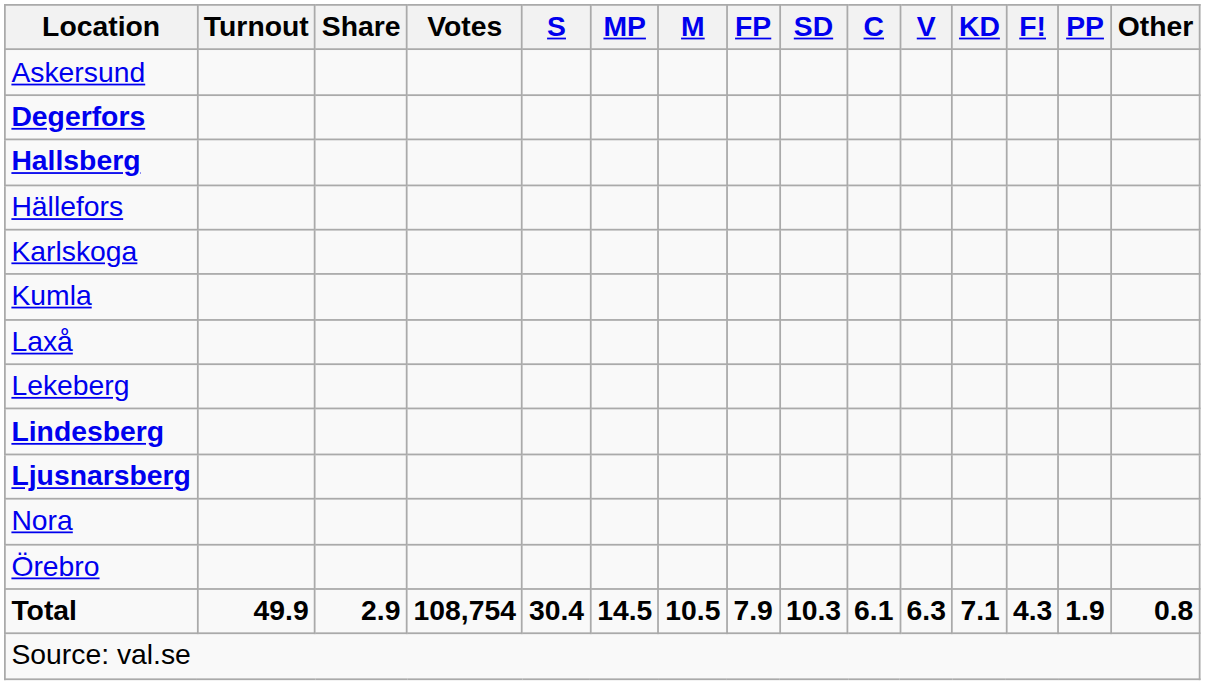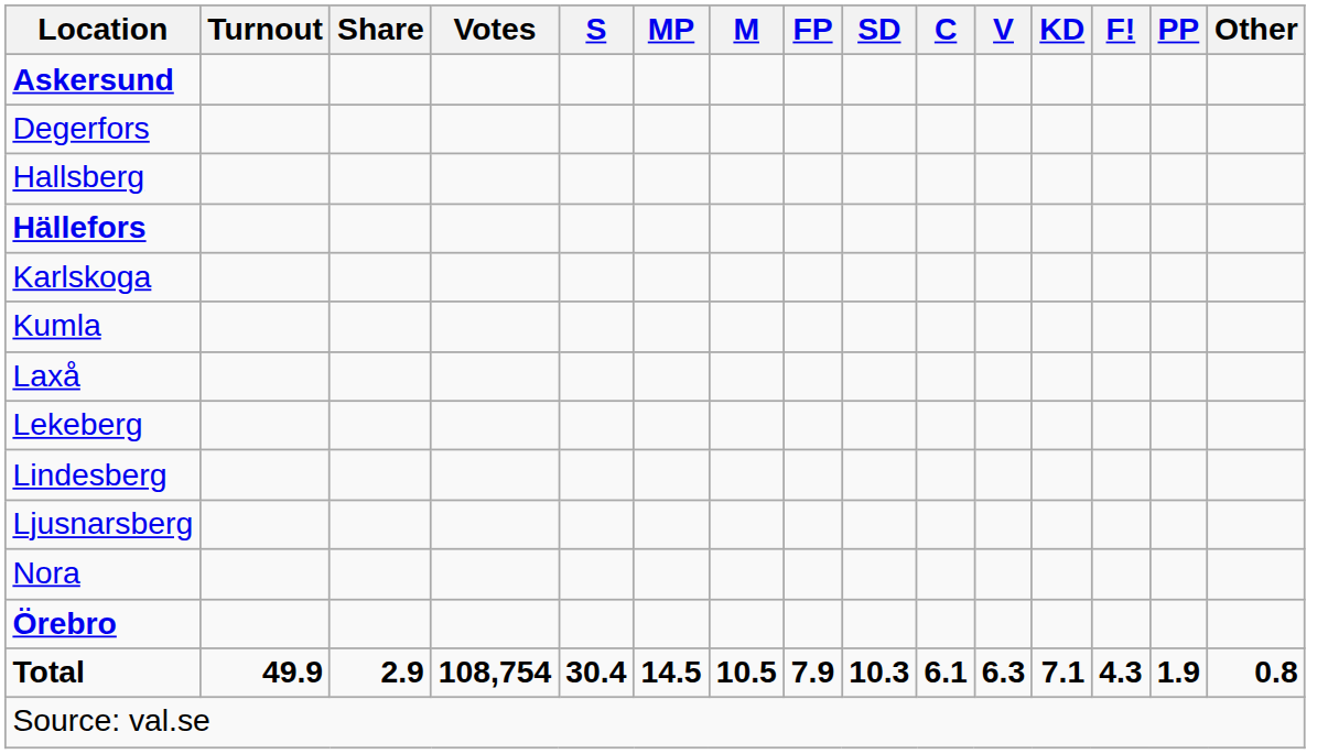 <table class="wikitable sortable" style=text-align:right>
 <tr>
 <th>Location</th>
 <th>Turnout</th>
 <th>Share</th>
 <th>Votes</th>
 <th><a href='#'>S</a></th>
 <th><a href='#'>MP</a></th>
 <th><a href='#'>M</a></th>
 <th><a href='#'>FP</a></th>
 <th><a href='#'>SD</a></th>
 <th><a href='#'>C</a></th>
 <th><a href='#'>V</a></th>
 <th><a href='#'>KD</a></th>
 <th><a href='#'>F!</a></th>
 <th><a href='#'>PP</a></th>
 <th>Other</th>
 </tr>
 <tr>
-<td align=left><a href='#'>Askersund</a></td>
+<td align=left><strong><a href='#'>Askersund</a></strong></td>
 <td></td>
 <td></td>
 <td></td>
 <td></td>
 <td></td>
 <td></td>
 <td></td>
 <td></td>
 <td></td>
 <td></td>
 <td></td>
 <td></td>
 <td></td>
 <td></td>
 </tr>
 <tr>
-<td align=left><strong><a href='#'>Degerfors</a></strong></td>
+<td align=left><a href='#'>Degerfors</a></td>
 <td></td>
 <td></td>
 <td></td>
 <td></td>
 <td></td>
 <td></td>
 <td></td>
 <td></td>
 <td></td>
 <td></td>
 <td></td>
 <td></td>
 <td></td>
 <td></td>
 </tr>
 <tr>
-<td align=left><strong><a href='#'>Hallsberg</a></strong></td>
+<td align=left><a href='#'>Hallsberg</a></td>
 <td></td>
 <td></td>
 <td></td>
 <td></td>
 <td></td>
 <td></td>
 <td></td>
 <td></td>
 <td></td>
 <td></td>
 <td></td>
 <td></td>
 <td></td>
 <td></td>
 </tr>
 <tr>
-<td align=left><a href='#'>Hällefors</a></td>
+<td align=left><strong><a href='#'>Hällefors</a></strong></td>
 <td></td>
 <td></td>
 <td></td>
 <td></td>
 <td></td>
 <td></td>
 <td></td>
 <td></td>
 <td></td>
 <td></td>
 <td></td>
 <td></td>
 <td></td>
 <td></td>
 </tr>
 <tr>
 <td align=left><a href='#'>Karlskoga</a></td>
 <td></td>
 <td></td>
 <td></td>
 <td></td>
 <td></td>
 <td></td>
 <td></td>
 <td></td>
 <td></td>
 <td></td>
 <td></td>
 <td></td>
 <td></td>
 <td></td>
 </tr>
 <tr>
 <td align=left><a href='#'>Kumla</a></td>
 <td></td>
 <td></td>
 <td></td>
 <td></td>
 <td></td>
 <td></td>
 <td></td>
 <td></td>
 <td></td>
 <td></td>
 <td></td>
 <td></td>
 <td></td>
 <td></td>
 </tr>
 <tr>
 <td align=left><a href='#'>Laxå</a></td>
 <td></td>
 <td></td>
 <td></td>
 <td></td>
 <td></td>
 <td></td>
 <td></td>
 <td></td>
 <td></td>
 <td></td>
 <td></td>
 <td></td>
 <td></td>
 <td></td>
 </tr>
 <tr>
 <td align=left><a href='#'>Lekeberg</a></td>
 <td></td>
 <td></td>
 <td></td>
 <td></td>
 <td></td>
 <td></td>
 <td></td>
 <td></td>
 <td></td>
 <td></td>
 <td></td>
 <td></td>
 <td></td>
 <td></td>
 </tr>
 <tr>
-<td align=left><strong><a href='#'>Lindesberg</a></strong></td>
+<td align=left><a href='#'>Lindesberg</a></td>
 <td></td>
 <td></td>
 <td></td>
 <td></td>
 <td></td>
 <td></td>
 <td></td>
 <td></td>
 <td></td>
 <td></td>
 <td></td>
 <td></td>
 <td></td>
 <td></td>
 </tr>
 <tr>
-<td align=left><strong><a href='#'>Ljusnarsberg</a></strong></td>
+<td align=left><a href='#'>Ljusnarsberg</a></td>
 <td></td>
 <td></td>
 <td></td>
 <td></td>
 <td></td>
 <td></td>
 <td></td>
 <td></td>
 <td></td>
 <td></td>
 <td></td>
 <td></td>
 <td></td>
 <td></td>
 </tr>
 <tr>
 <td align=left><a href='#'>Nora</a></td>
 <td></td>
 <td></td>
 <td></td>
 <td></td>
 <td></td>
 <td></td>
 <td></td>
 <td></td>
 <td></td>
 <td></td>
 <td></td>
 <td></td>
 <td></td>
 <td></td>
 </tr>
 <tr>
-<td align=left><a href='#'>Örebro</a></td>
+<td align=left><strong><a href='#'>Örebro</a></strong></td>
 <td></td>
 <td></td>
 <td></td>
 <td></td>
 <td></td>
 <td></td>
 <td></td>
 <td></td>
 <td></td>
 <td></td>
 <td></td>
 <td></td>
 <td></td>
 <td></td>
 </tr>
 <tr>
 <td align=left><strong>Total</strong></td>
 <td><strong>49.9</strong></td>
 <td><strong>2.9</strong></td>
 <td><strong>108,754</strong></td>
 <td><strong>30.4</strong></td>
 <td><strong>14.5</strong></td>
 <td><strong>10.5</strong></td>
 <td><strong>7.9</strong></td>
 <td><strong>10.3</strong></td>
 <td><strong>6.1</strong></td>
 <td><strong>6.3</strong></td>
 <td><strong>7.1</strong></td>
 <td><strong>4.3</strong></td>
 <td><strong>1.9</strong></td>
 <td><strong>0.8</strong></td>
 </tr>
 <tr>
 <td align=left colspan=15>Source: val.se </td>
 </tr>
 </table>
